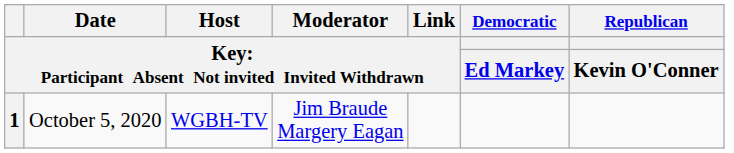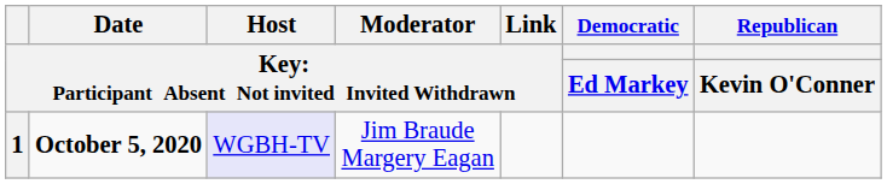 <table class="wikitable" style="text-align:center;">
 <tr>
 <th scope="col"></th>
 <th scope="col">Date</th>
 <th scope="col">Host</th>
 <th scope="col">Moderator</th>
 <th scope="col">Link</th>
 <th scope="col"><small><a href='#'>Democratic</a></small></th>
 <th scope="col"><small><a href='#'>Republican</a></small></th>
 </tr>
 <tr>
 <th colspan="5" rowspan="2">Key:<br> <small>Participant </small>  <small>Absent </small>  <small>Not invited </small>  <small>Invited  Withdrawn</small></th>
 <th scope="col" style="background:"></th>
 <th scope="col" style="background:"></th>
 </tr>
 <tr>
 <th scope="col"><a href='#'>Ed Markey</a></th>
 <th scope="col">Kevin O'Conner</th>
 </tr>
 <tr>
 <th>1</th>
-<td style="white-space:nowrap;">October 5, 2020</td>
-<td style="white-space:nowrap;"><a href='#'>WGBH-TV</a></td>
+<td style="white-space:nowrap;"><strong>October 5, 2020</strong></td>
+<td style="background: lavender; white-space:nowrap;"><a href='#'>WGBH-TV</a></td>
 <td style="white-space:nowrap;"><a href='#'>Jim Braude</a><br><a href='#'>Margery Eagan</a></td>
 <td style="white-space:nowrap;"></td>
 <td></td>
 <td></td>
 </tr>
 </table>
